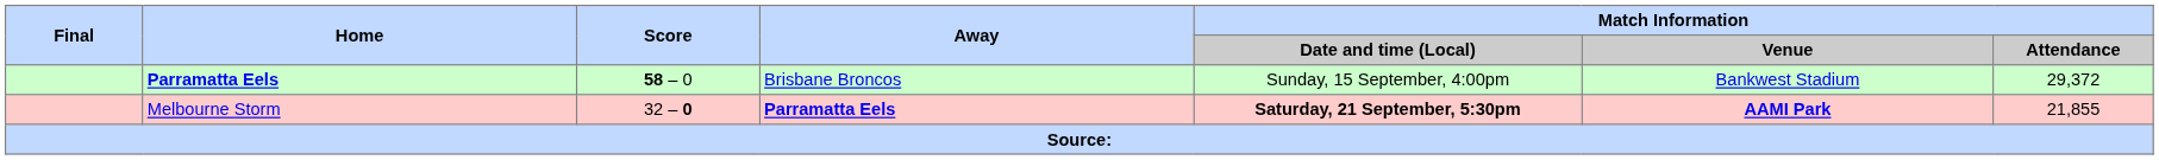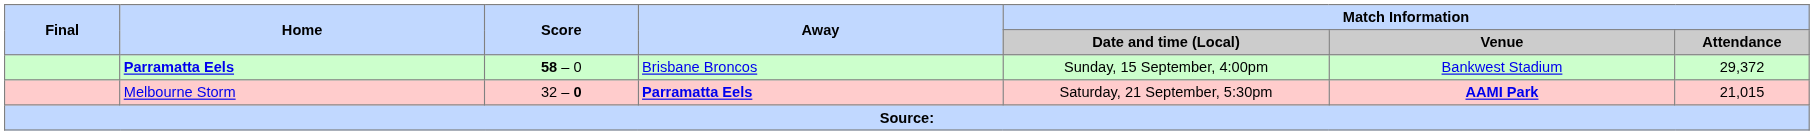 <table border="1" cellpadding="3" cellspacing="0" style="border-collapse:collapse; font-size:80%; text-align:center; width:100%;">
 <tr style="background:#c1d8ff;">
 <th rowspan="2" style="width:6%;">Final</th>
 <th rowspan="2" style="width:19%;">Home</th>
 <th rowspan="2" style="width:8%;">Score</th>
 <th rowspan="2" style="width:19%;">Away</th>
 <th colspan=6>Match Information</th>
 </tr>
 <tr style="background:#ccc;">
 <th width=17%>Date and time (Local)</th>
 <th width=18%>Venue</th>
 <th width=7%>Attendance</th>
 </tr>
 <tr style="text-align:center; background:#cfc;">
 <td></td>
 <td style="text-align:left;"> <strong><a href='#'>Parramatta Eels</a></strong></td>
 <td><strong>58</strong> – 0</td>
 <td style="text-align:left;"> <a href='#'>Brisbane Broncos</a></td>
 <td>Sunday, 15 September, 4:00pm</td>
 <td><a href='#'>Bankwest Stadium</a></td>
 <td>29,372</td>
 </tr>
 <tr style="text-align:center; background:#fcc">
 <td></td>
 <td style="text-align:left;"> <a href='#'>Melbourne Storm</a></td>
 <td>32 – <strong>0</strong></td>
 <td style="text-align:left;"> <strong><a href='#'>Parramatta Eels</a></strong></td>
-<td><strong>Saturday, 21 September, 5:30pm</strong></td>
+<td>Saturday, 21 September, 5:30pm</td>
 <td><strong><a href='#'>AAMI Park</a></strong></td>
-<td>21,855</td>
+<td>21,015</td>
 </tr>
 <tr style="background:#c1d8ff;">
 <th colspan=12>Source:</th>
 </tr>
 </table>
